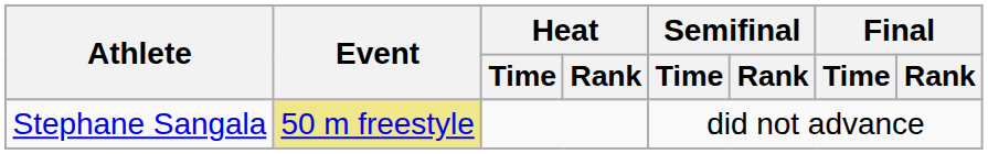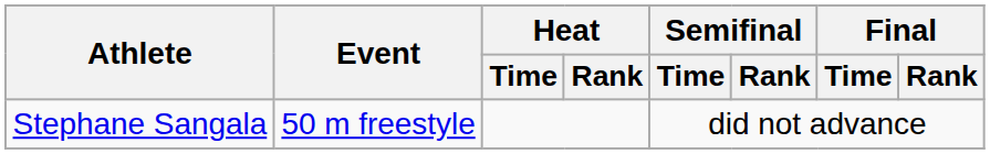 <table class=wikitable style="font-size:90%">
 <tr>
 <th rowspan="2">Athlete</th>
 <th rowspan="2">Event</th>
 <th colspan="2">Heat</th>
 <th colspan="2">Semifinal</th>
 <th colspan="2">Final</th>
 </tr>
 <tr style="font-size:95%">
 <th>Time</th>
 <th>Rank</th>
 <th>Time</th>
 <th>Rank</th>
 <th>Time</th>
 <th>Rank</th>
 </tr>
 <tr align=center>
 <td align=left><a href='#'>Stephane Sangala</a></td>
-<td align=left style="background: khaki;"><a href='#'>50 m freestyle</a></td>
+<td align=left><a href='#'>50 m freestyle</a></td>
 <td colspan=2></td>
 <td colspan=4>did not advance</td>
 </tr>
 </table>
